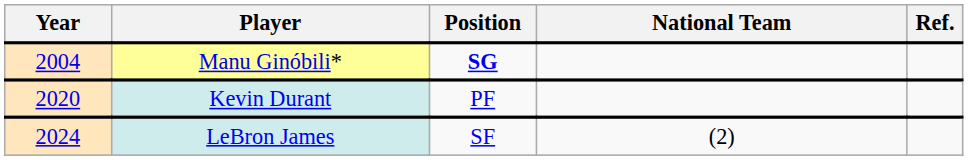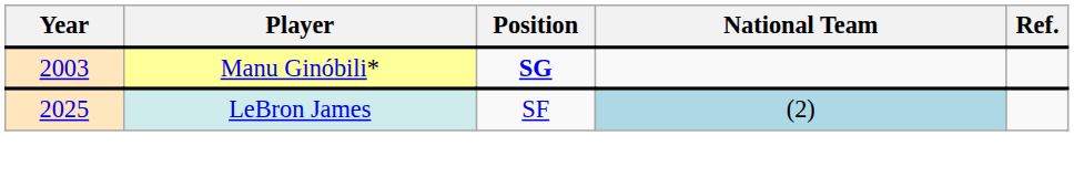 <table class="wikitable" style="width: 70%; text-align:center; font-size:90%">
 <tr>
 <th width=10%>Year</th>
 <th width=30%>Player</th>
 <th width=10%>Position</th>
 <th width=35%>National Team</th>
 <th width=5%>Ref.</th>
 </tr>
 <tr style = "border-top:2px solid black;">
-<td style="background-color:#FFE6BD; text-align: center"><a href='#'>2004</a></td>
+<td style="background-color:#FFE6BD; text-align: center"><a href='#'>2003</a></td>
 <td scope="row" style="background-color:#FFFF99; align=left"><a href='#'>Manu Ginóbili</a>*</td>
 <td align=center><strong><a href='#'>SG</a></strong></td>
 <td align=center></td>
 <td></td>
 </tr>
 <tr>
 </tr>
-<tr style = "border-top:2px solid black;">
-<td style="background-color:#FFE6BD; text-align: center"><a href='#'>2020</a></td>
-<td style="background-color:#CFECEC; text-align=center"><a href='#'>Kevin Durant</a></td>
-<td align=center><a href='#'>PF</a></td>
-<td align=center></td>
-<td></td>
-</tr>
 <tr>
 </tr>
 <tr style = "border-top:2px solid black;">
-<td style="background-color:#FFE6BD; text-align: center"><a href='#'>2024</a></td>
+<td style="background-color:#FFE6BD; text-align: center"><a href='#'>2025</a></td>
 <td style="background-color:#CFECEC; text-align=center"><a href='#'>LeBron James</a></td>
 <td align=center><a href='#'>SF</a></td>
-<td align=center> (2)</td>
+<td align=center style="background: lightblue;"> (2)</td>
 <td></td>
 </tr>
 </table>
